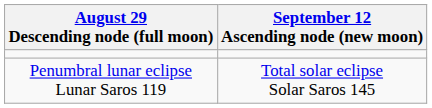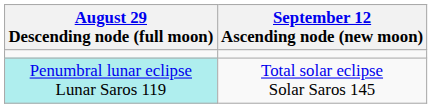 <table class="wikitable">
 <tr>
 <th><a href='#'>August 29</a><br>Descending node (full moon)<br></th>
 <th><a href='#'>September 12</a><br>Ascending node (new moon)<br></th>
 </tr>
 <tr>
 <td></td>
 <td></td>
 </tr>
 <tr align=center>
-<td><a href='#'>Penumbral lunar eclipse</a><br>Lunar Saros 119</td>
+<td style="background: paleturquoise;"><a href='#'>Penumbral lunar eclipse</a><br>Lunar Saros 119</td>
 <td><a href='#'>Total solar eclipse</a><br>Solar Saros 145</td>
 </tr>
 </table>
